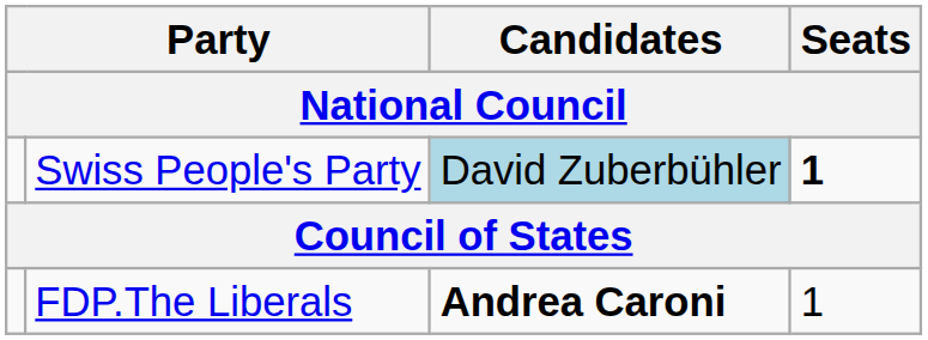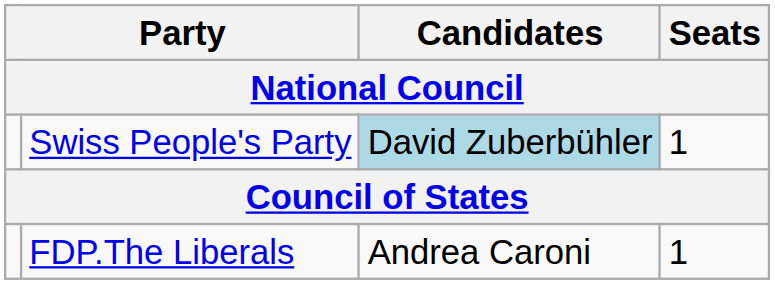 <table class="wikitable" style="font-size:95%;">
 <tr>
 <th colspan=2>Party</th>
 <th>Candidates</th>
 <th>Seats</th>
 </tr>
 <tr>
 <th colspan=6><a href='#'>National Council</a></th>
 </tr>
 <tr>
 <td bgcolor=></td>
 <td align=left><a href='#'>Swiss People's Party</a></td>
 <td style="background: lightblue;">David Zuberbühler</td>
-<td><strong>1</strong></td>
+<td>1</td>
 </tr>
 <tr>
 <th colspan=6><a href='#'>Council of States</a></th>
 </tr>
 <tr>
 <td bgcolor=></td>
 <td align=left><a href='#'>FDP.The Liberals</a></td>
-<td><strong>Andrea Caroni</strong></td>
+<td>Andrea Caroni</td>
 <td>1</td>
 </tr>
 </table>
